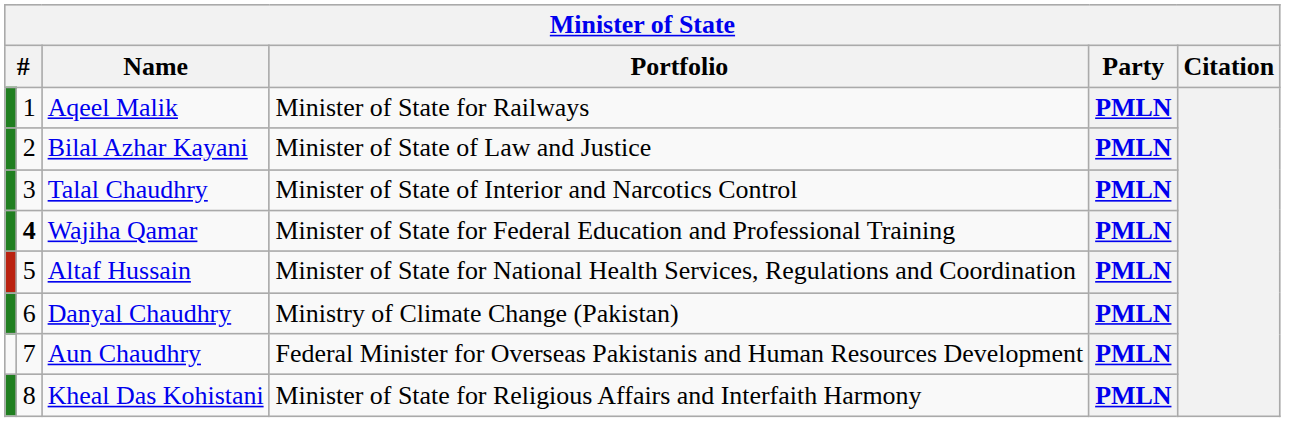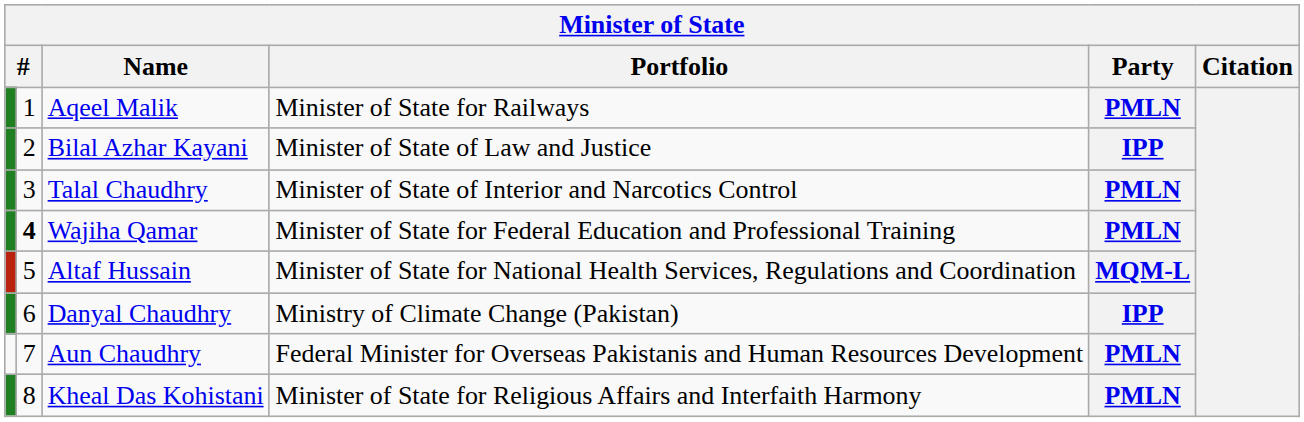 <table class="wikitable sortable">
 <tr>
 <th colspan="6"><a href='#'>Minister of State</a></th>
 </tr>
 <tr>
 <th colspan="2">#</th>
 <th>Name</th>
 <th>Portfolio</th>
 <th>Party</th>
 <th>Citation</th>
 </tr>
 <tr>
 <td align=center style="background-color: #207F20"></td>
 <td>1</td>
 <td><a href='#'>Aqeel Malik</a></td>
 <td>Minister of State for Railways</td>
 <th><a href='#'>PMLN</a></th>
 <th rowspan="9"></th>
 </tr>
 <tr>
 <td align=center style="background-color: #207F20"></td>
 <td>2</td>
 <td><a href='#'>Bilal Azhar Kayani</a></td>
 <td>Minister of State of Law and Justice</td>
-<th><a href='#'>PMLN</a></th>
+<th><a href='#'>IPP</a></th>
 </tr>
 <tr>
 <td align=center style="background-color: #207F20"></td>
 <td>3</td>
 <td><a href='#'>Talal Chaudhry</a></td>
 <td>Minister of State of Interior and Narcotics Control</td>
 <th><a href='#'>PMLN</a></th>
 </tr>
 <tr>
 <td align=center style="background-color: #207F20"></td>
 <td><strong>4</strong></td>
 <td><a href='#'>Wajiha Qamar</a></td>
 <td>Minister of State for Federal Education and Professional Training</td>
 <th><a href='#'>PMLN</a></th>
 </tr>
 <tr>
 <td align=center style="background-color: #BA2210"></td>
 <td>5</td>
 <td><a href='#'>Altaf Hussain</a></td>
 <td>Minister of State for National Health Services, Regulations and Coordination</td>
-<th><a href='#'>PMLN</a></th>
+<th><a href='#'>MQM-L</a></th>
 </tr>
 <tr>
 <td align=center style="background-color: #207F20"></td>
 <td>6</td>
 <td><a href='#'>Danyal Chaudhry</a></td>
 <td>Ministry of Climate Change (Pakistan)</td>
-<th><a href='#'>PMLN</a></th>
+<th><a href='#'>IPP</a></th>
 </tr>
 <tr>
 <td align=center style="background-color:"></td>
 <td>7</td>
 <td><a href='#'>Aun Chaudhry</a></td>
 <td>Federal Minister for Overseas Pakistanis and Human Resources Development</td>
 <th><a href='#'>PMLN</a></th>
 </tr>
 <tr>
 <td align=center style="background-color: #207F20"></td>
 <td>8</td>
 <td><a href='#'>Kheal Das Kohistani</a></td>
 <td>Minister of State for Religious Affairs and Interfaith Harmony</td>
 <th><a href='#'>PMLN</a></th>
 </tr>
 </table>
